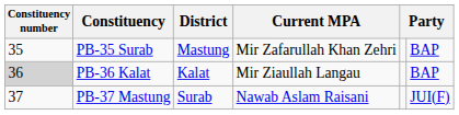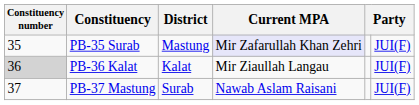 <table class="wikitable">
 <tr>
 <th width="50px" style="font-size:75%">Constituency number</th>
 <th>Constituency</th>
 <th>District</th>
 <th>Current MPA</th>
 <th colspan="2">Party</th>
 </tr>
 <tr>
 <td>35</td>
 <td><a href='#'>PB-35 Surab</a></td>
 <td><a href='#'>Mastung</a></td>
-<td>Mir Zafarullah Khan Zehri</td>
+<td style="background: lavender;">Mir Zafarullah Khan Zehri</td>
 <td></td>
-<td><a href='#'>BAP</a></td>
+<td><a href='#'>JUI(F)</a></td>
 </tr>
 <tr>
 <td style="background: lightgrey;">36</td>
 <td><a href='#'>PB-36 Kalat</a></td>
 <td><a href='#'>Kalat</a></td>
 <td>Mir Ziaullah Langau</td>
 <td></td>
-<td><a href='#'>BAP</a></td>
+<td><a href='#'>JUI(F)</a></td>
 </tr>
 <tr>
 <td>37</td>
 <td><a href='#'>PB-37 Mastung</a></td>
 <td><a href='#'>Surab</a></td>
 <td><a href='#'>Nawab Aslam Raisani</a></td>
 <td></td>
 <td><a href='#'>JUI(F)</a></td>
 </tr>
 </table>
